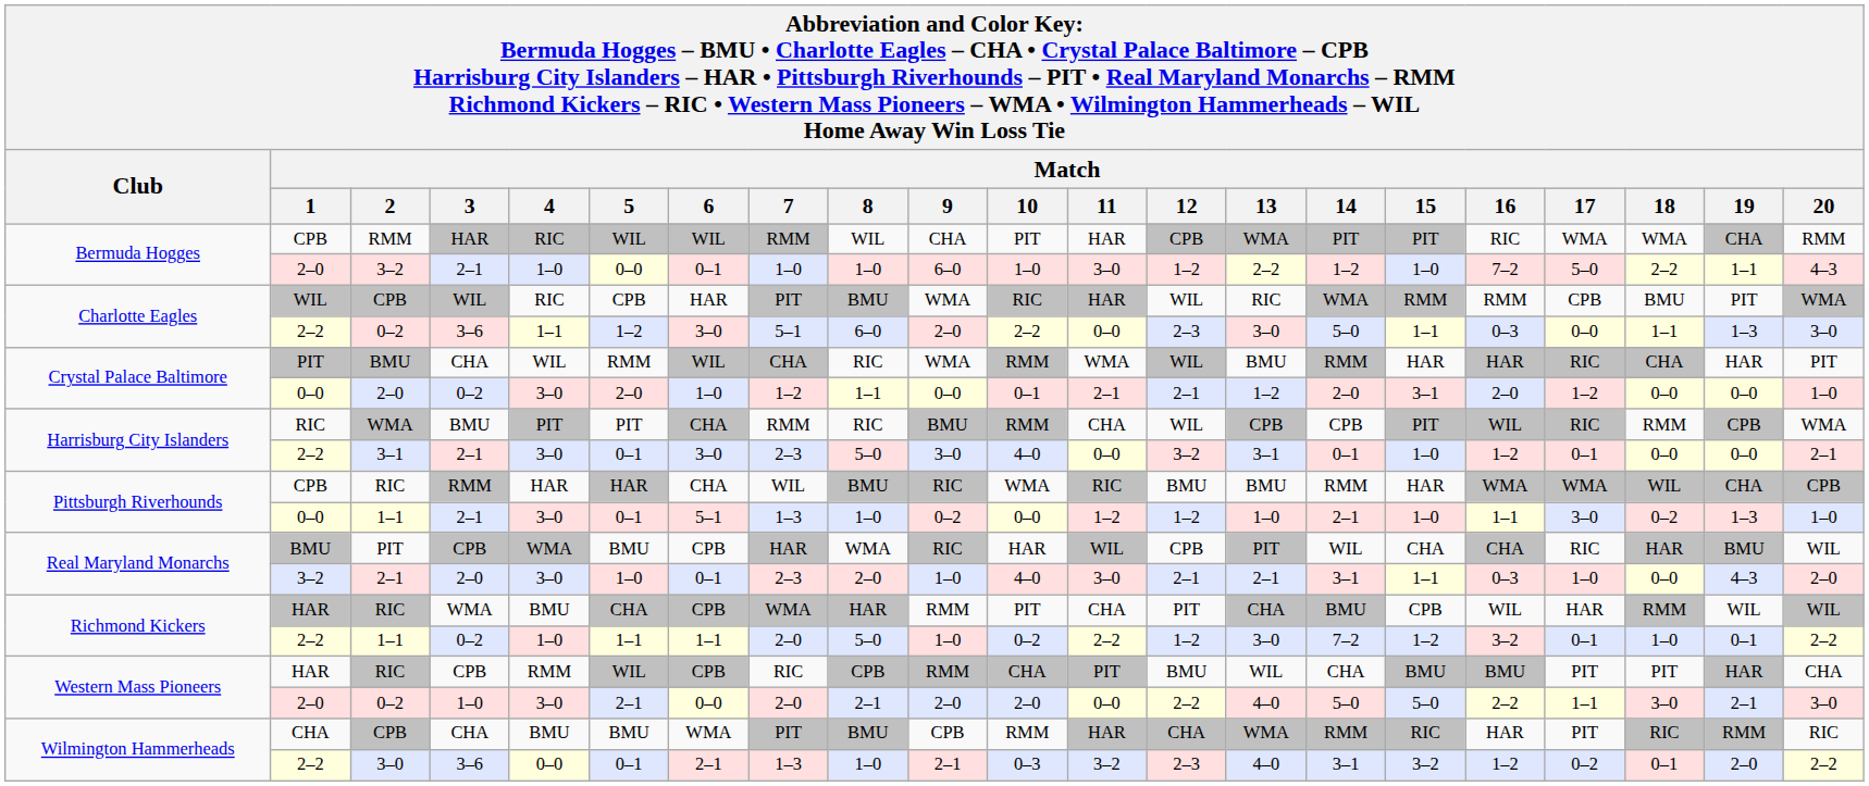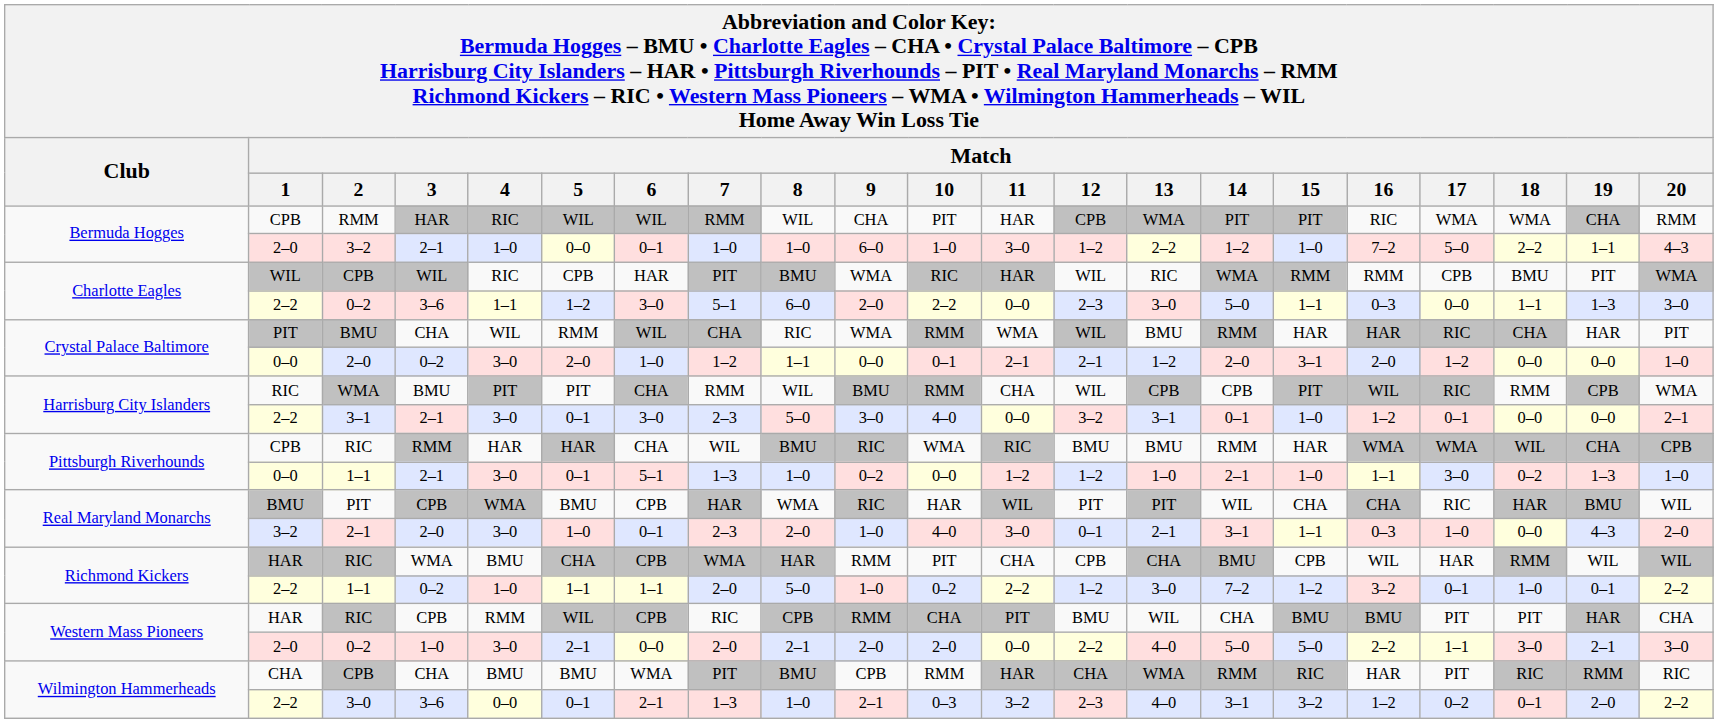 <table class="wikitable" style="text-align:center;width=80%">
 <tr>
 <th colspan="29">Abbreviation and Color Key:<br><a href='#'>Bermuda Hogges</a> – BMU • <a href='#'>Charlotte Eagles</a> – CHA • <a href='#'>Crystal Palace Baltimore</a> – CPB <br> <a href='#'>Harrisburg City Islanders</a> – HAR • <a href='#'>Pittsburgh Riverhounds</a> – PIT • <a href='#'>Real Maryland Monarchs</a> – RMM <br> <a href='#'>Richmond Kickers</a> – RIC • <a href='#'>Western Mass Pioneers</a> – WMA • <a href='#'>Wilmington Hammerheads</a> – WIL <br><span>Home</span>  <span>Away</span>  <span>Win</span>  <span>Loss</span>  <span>Tie</span></th>
 </tr>
 <tr>
 <th width="10%" rowspan="2">Club</th>
 <th width="90%" colspan="20">Match</th>
 </tr>
 <tr style="background-color:#CCCCCC; font-size: 90%">
 <th width="3%">1</th>
 <th width="3%">2</th>
 <th width="3%">3</th>
 <th width="3%">4</th>
 <th width="3%">5</th>
 <th width="3%">6</th>
 <th width="3%">7</th>
 <th width="3%">8</th>
 <th width="3%">9</th>
 <th width="3%">10</th>
 <th width="3%">11</th>
 <th width="3%">12</th>
 <th width="3%">13</th>
 <th width="3%">14</th>
 <th width="3%">15</th>
 <th width="3%">16</th>
 <th width="3%">17</th>
 <th width="3%">18</th>
 <th width="3%">19</th>
 <th width="3%">20<br></th>
 </tr>
 <tr style="font-size: 75%">
 <td rowspan="2"><a href='#'>Bermuda Hogges</a></td>
 <td>CPB</td>
 <td>RMM</td>
 <td bgcolor=#C0C0C0>HAR</td>
 <td bgcolor=#C0C0C0>RIC</td>
 <td bgcolor=#C0C0C0>WIL</td>
 <td bgcolor=#C0C0C0>WIL</td>
 <td bgcolor=#C0C0C0>RMM</td>
 <td>WIL</td>
 <td>CHA</td>
 <td>PIT</td>
 <td>HAR</td>
 <td bgcolor=#C0C0C0>CPB</td>
 <td bgcolor=#C0C0C0>WMA</td>
 <td bgcolor=#C0C0C0>PIT</td>
 <td bgcolor=#C0C0C0>PIT</td>
 <td>RIC</td>
 <td>WMA</td>
 <td>WMA</td>
 <td bgcolor=#C0C0C0>CHA</td>
 <td>RMM</td>
 </tr>
 <tr style="font-size: 75%">
 <td bgcolor=#FFDFDF>2–0</td>
 <td bgcolor=#FFDFDF>3–2</td>
 <td bgcolor=#DFE7FF>2–1</td>
 <td bgcolor=#DFE7FF>1–0</td>
 <td bgcolor=#FFFFDD>0–0</td>
 <td bgcolor=#FFDFDF>0–1</td>
 <td bgcolor=#DFE7FF>1–0</td>
 <td bgcolor=#FFDFDF>1–0</td>
 <td bgcolor=#FFDFDF>6–0</td>
 <td bgcolor=#FFDFDF>1–0</td>
 <td bgcolor=#FFDFDF>3–0</td>
 <td bgcolor=#FFDFDF>1–2</td>
 <td bgcolor=#FFFFDD>2–2</td>
 <td bgcolor=#FFDFDF>1–2</td>
 <td bgcolor=#DFE7FF>1–0</td>
 <td bgcolor=#FFDFDF>7–2</td>
 <td bgcolor=#FFDFDF>5–0</td>
 <td bgcolor=#FFFFDD>2–2</td>
 <td bgcolor=#FFFFDD>1–1</td>
 <td bgcolor=#FFDFDF>4–3</td>
 </tr>
 <tr style="font-size: 75%">
 <td rowspan="2"><a href='#'>Charlotte Eagles</a></td>
 <td bgcolor=#C0C0C0>WIL</td>
 <td bgcolor=#C0C0C0>CPB</td>
 <td bgcolor=#C0C0C0>WIL</td>
 <td>RIC</td>
 <td>CPB</td>
 <td>HAR</td>
 <td bgcolor=#C0C0C0>PIT</td>
 <td bgcolor=#C0C0C0>BMU</td>
 <td>WMA</td>
 <td bgcolor=#C0C0C0>RIC</td>
 <td bgcolor=#C0C0C0>HAR</td>
 <td>WIL</td>
 <td>RIC</td>
 <td bgcolor=#C0C0C0>WMA</td>
 <td bgcolor=#C0C0C0>RMM</td>
 <td>RMM</td>
 <td>CPB</td>
 <td>BMU</td>
 <td>PIT</td>
 <td bgcolor=#C0C0C0>WMA</td>
 </tr>
 <tr style="font-size: 75%">
 <td bgcolor=#FFFFDD>2–2</td>
 <td bgcolor=#FFDFDF>0–2</td>
 <td bgcolor=#FFDFDF>3–6</td>
 <td bgcolor=#FFFFDD>1–1</td>
 <td bgcolor=#DFE7FF>1–2</td>
 <td bgcolor=#FFDFDF>3–0</td>
 <td bgcolor=#DFE7FF>5–1</td>
 <td bgcolor=#DFE7FF>6–0</td>
 <td bgcolor=#FFDFDF>2–0</td>
 <td bgcolor=#FFFFDD>2–2</td>
 <td bgcolor=#FFFFDD>0–0</td>
 <td bgcolor=#DFE7FF>2–3</td>
 <td bgcolor=#FFDFDF>3–0</td>
 <td bgcolor=#DFE7FF>5–0</td>
 <td bgcolor=#FFFFDD>1–1</td>
 <td bgcolor=#DFE7FF>0–3</td>
 <td bgcolor=#FFFFDD>0–0</td>
 <td bgcolor=#FFFFDD>1–1</td>
 <td bgcolor=#DFE7FF>1–3</td>
 <td bgcolor=#DFE7FF>3–0</td>
 </tr>
 <tr style="font-size: 75%">
 <td rowspan="2"><a href='#'>Crystal Palace Baltimore</a></td>
 <td bgcolor=#C0C0C0>PIT</td>
 <td bgcolor=#C0C0C0>BMU</td>
 <td>CHA</td>
 <td>WIL</td>
 <td>RMM</td>
 <td bgcolor=#C0C0C0>WIL</td>
 <td bgcolor=#C0C0C0>CHA</td>
 <td>RIC</td>
 <td>WMA</td>
 <td bgcolor=#C0C0C0>RMM</td>
 <td>WMA</td>
 <td bgcolor=#C0C0C0>WIL</td>
 <td>BMU</td>
 <td bgcolor=#C0C0C0>RMM</td>
 <td>HAR</td>
 <td bgcolor=#C0C0C0>HAR</td>
 <td bgcolor=#C0C0C0>RIC</td>
 <td bgcolor=#C0C0C0>CHA</td>
 <td>HAR</td>
 <td>PIT</td>
 </tr>
 <tr style="font-size: 75%">
 <td bgcolor=#FFFFDD>0–0</td>
 <td bgcolor=#DFE7FF>2–0</td>
 <td bgcolor=#DFE7FF>0–2</td>
 <td bgcolor=#FFDFDF>3–0</td>
 <td bgcolor=#FFDFDF>2–0</td>
 <td bgcolor=#DFE7FF>1–0</td>
 <td bgcolor=#FFDFDF>1–2</td>
 <td bgcolor=#FFFFDD>1–1</td>
 <td bgcolor=#FFFFDD>0–0</td>
 <td bgcolor=#FFDFDF>0–1</td>
 <td bgcolor=#FFDFDF>2–1</td>
 <td bgcolor=#DFE7FF>2–1</td>
 <td bgcolor=#DFE7FF>1–2</td>
 <td bgcolor=#FFDFDF>2–0</td>
 <td bgcolor=#FFDFDF>3–1</td>
 <td bgcolor=#DFE7FF>2–0</td>
 <td bgcolor=#FFDFDF>1–2</td>
 <td bgcolor=#FFFFDD>0–0</td>
 <td bgcolor=#FFFFDD>0–0</td>
 <td bgcolor=#FFDFDF>1–0</td>
 </tr>
 <tr style="font-size: 75%">
 <td rowspan="2"><a href='#'>Harrisburg City Islanders</a></td>
 <td>RIC</td>
 <td bgcolor=#C0C0C0>WMA</td>
 <td>BMU</td>
 <td bgcolor=#C0C0C0>PIT</td>
 <td>PIT</td>
 <td bgcolor=#C0C0C0>CHA</td>
 <td>RMM</td>
-<td>RIC</td>
+<td>WIL</td>
 <td bgcolor=#C0C0C0>BMU</td>
 <td bgcolor=#C0C0C0>RMM</td>
 <td>CHA</td>
 <td>WIL</td>
 <td bgcolor=#C0C0C0>CPB</td>
 <td>CPB</td>
 <td bgcolor=#C0C0C0>PIT</td>
 <td bgcolor=#C0C0C0>WIL</td>
 <td bgcolor=#C0C0C0>RIC</td>
 <td>RMM</td>
 <td bgcolor=#C0C0C0>CPB</td>
 <td>WMA</td>
 </tr>
 <tr style="font-size: 75%">
 <td bgcolor=#FFFFDD>2–2</td>
 <td bgcolor=#DFE7FF>3–1</td>
 <td bgcolor=#FFDFDF>2–1</td>
 <td bgcolor=#DFE7FF>3–0</td>
 <td bgcolor=#DFE7FF>0–1</td>
 <td bgcolor=#DFE7FF>3–0</td>
 <td bgcolor=#DFE7FF>2–3</td>
 <td bgcolor=#FFDFDF>5–0</td>
 <td bgcolor=#DFE7FF>3–0</td>
 <td bgcolor=#DFE7FF>4–0</td>
 <td bgcolor=#FFFFDD>0–0</td>
 <td bgcolor=#FFDFDF>3–2</td>
 <td bgcolor=#DFE7FF>3–1</td>
 <td bgcolor=#FFDFDF>0–1</td>
 <td bgcolor=#DFE7FF>1–0</td>
 <td bgcolor=#FFDFDF>1–2</td>
 <td bgcolor=#FFDFDF>0–1</td>
 <td bgcolor=#FFFFDD>0–0</td>
 <td bgcolor=#FFFFDD>0–0</td>
 <td bgcolor=#FFDFDF>2–1</td>
 </tr>
 <tr style="font-size: 75%">
 <td rowspan="2"><a href='#'>Pittsburgh Riverhounds</a></td>
 <td>CPB</td>
 <td>RIC</td>
 <td bgcolor=#C0C0C0>RMM</td>
 <td>HAR</td>
 <td bgcolor=#C0C0C0>HAR</td>
 <td>CHA</td>
 <td>WIL</td>
 <td bgcolor=#C0C0C0>BMU</td>
 <td bgcolor=#C0C0C0>RIC</td>
 <td>WMA</td>
 <td bgcolor=#C0C0C0>RIC</td>
 <td>BMU</td>
 <td>BMU</td>
 <td>RMM</td>
 <td>HAR</td>
 <td bgcolor=#C0C0C0>WMA</td>
 <td bgcolor=#C0C0C0>WMA</td>
 <td bgcolor=#C0C0C0>WIL</td>
 <td bgcolor=#C0C0C0>CHA</td>
 <td bgcolor=#C0C0C0>CPB</td>
 </tr>
 <tr style="font-size: 75%">
 <td bgcolor=#FFFFDD>0–0</td>
 <td bgcolor=#FFFFDD>1–1</td>
 <td bgcolor=#DFE7FF>2–1</td>
 <td bgcolor=#FFDFDF>3–0</td>
 <td bgcolor=#FFDFDF>0–1</td>
 <td bgcolor=#FFDFDF>5–1</td>
 <td bgcolor=#DFE7FF>1–3</td>
 <td bgcolor=#DFE7FF>1–0</td>
 <td bgcolor=#FFDFDF>0–2</td>
 <td bgcolor=#FFFFDD>0–0</td>
 <td bgcolor=#FFDFDF>1–2</td>
 <td bgcolor=#DFE7FF>1–2</td>
 <td bgcolor=#FFDFDF>1–0</td>
 <td bgcolor=#FFDFDF>2–1</td>
 <td bgcolor=#FFDFDF>1–0</td>
 <td bgcolor=#FFFFDD>1–1</td>
 <td bgcolor=#DFE7FF>3–0</td>
 <td bgcolor=#FFDFDF>0–2</td>
 <td bgcolor=#FFDFDF>1–3</td>
 <td bgcolor=DFE7FF>1–0</td>
 </tr>
 <tr style="font-size: 75%">
 <td rowspan="2"><a href='#'>Real Maryland Monarchs</a></td>
 <td bgcolor=#C0C0C0>BMU</td>
 <td>PIT</td>
 <td bgcolor=#C0C0C0>CPB</td>
 <td bgcolor=#C0C0C0>WMA</td>
 <td>BMU</td>
 <td>CPB</td>
 <td bgcolor=#C0C0C0>HAR</td>
 <td>WMA</td>
 <td bgcolor=#C0C0C0>RIC</td>
 <td>HAR</td>
 <td bgcolor=#C0C0C0>WIL</td>
-<td>CPB</td>
+<td>PIT</td>
 <td bgcolor=#C0C0C0>PIT</td>
 <td>WIL</td>
 <td>CHA</td>
 <td bgcolor=#C0C0C0>CHA</td>
 <td>RIC</td>
 <td bgcolor=#C0C0C0>HAR</td>
 <td bgcolor=#C0C0C0>BMU</td>
 <td>WIL</td>
 </tr>
 <tr style="font-size: 75%">
 <td bgcolor=#DFE7FF>3–2</td>
 <td bgcolor=#FFDFDF>2–1</td>
 <td bgcolor=#DFE7FF>2–0</td>
 <td bgcolor=#DFE7FF>3–0</td>
 <td bgcolor=#FFDFDF>1–0</td>
 <td bgcolor=#DFE7FF>0–1</td>
 <td bgcolor=#FFDFDF>2–3</td>
 <td bgcolor=#FFDFDF>2–0</td>
 <td bgcolor=#DFE7FF>1–0</td>
 <td bgcolor=#FFDFDF>4–0</td>
 <td bgcolor=#FFDFDF>3–0</td>
-<td bgcolor=#DFE7FF>2–1</td>
+<td bgcolor=#DFE7FF>0–1</td>
 <td bgcolor=#DFE7FF>2–1</td>
 <td bgcolor=#FFDFDF>3–1</td>
 <td bgcolor=#FFFFDD>1–1</td>
 <td bgcolor=#FFDFDF>0–3</td>
 <td bgcolor=#FFDFDF>1–0</td>
 <td bgcolor=#FFFFDD>0–0</td>
 <td bgcolor=#DFE7FF>4–3</td>
 <td bgcolor=#FFDFDF>2–0</td>
 </tr>
 <tr style="font-size: 75%">
 <td rowspan="2"><a href='#'>Richmond Kickers</a></td>
 <td bgcolor=#C0C0C0>HAR</td>
 <td bgcolor=#C0C0C0>RIC</td>
 <td>WMA</td>
 <td>BMU</td>
 <td bgcolor=#C0C0C0>CHA</td>
 <td bgcolor=#C0C0C0>CPB</td>
 <td bgcolor=#C0C0C0>WMA</td>
 <td bgcolor=#C0C0C0>HAR</td>
 <td>RMM</td>
 <td>PIT</td>
 <td>CHA</td>
-<td>PIT</td>
+<td>CPB</td>
 <td bgcolor=#C0C0C0>CHA</td>
 <td bgcolor=#C0C0C0>BMU</td>
 <td>CPB</td>
 <td>WIL</td>
 <td>HAR</td>
 <td bgcolor=#C0C0C0>RMM</td>
 <td>WIL</td>
 <td bgcolor=#C0C0C0>WIL</td>
 </tr>
 <tr style="font-size: 75%">
 <td bgcolor=#FFFFDD>2–2</td>
 <td bgcolor=#FFFFDD>1–1</td>
 <td bgcolor=#DFE7FF>0–2</td>
 <td bgcolor=#FFDFDF>1–0</td>
 <td bgcolor=#FFFFDD>1–1</td>
 <td bgcolor=#FFFFDD>1–1</td>
 <td bgcolor=#DFE7FF>2–0</td>
 <td bgcolor=#DFE7FF>5–0</td>
 <td bgcolor=#FFDFDF>1–0</td>
 <td bgcolor=#DFE7FF>0–2</td>
 <td bgcolor=#FFFFDD>2–2</td>
 <td bgcolor=#DFE7FF>1–2</td>
 <td bgcolor=#DFE7FF>3–0</td>
 <td bgcolor=#DFE7FF>7–2</td>
 <td bgcolor=#DFE7FF>1–2</td>
 <td bgcolor=#FFDFDF>3–2</td>
 <td bgcolor=#DFE7FF>0–1</td>
 <td bgcolor=#DFE7FF>1–0</td>
 <td bgcolor=#DFE7FF>0–1</td>
 <td bgcolor=#FFFFDD>2–2</td>
 </tr>
 <tr style="font-size: 75%">
 <td rowspan="2"><a href='#'>Western Mass Pioneers</a></td>
 <td>HAR</td>
 <td bgcolor=#C0C0C0>RIC</td>
 <td>CPB</td>
 <td>RMM</td>
 <td bgcolor=#C0C0C0>WIL</td>
 <td bgcolor=#C0C0C0>CPB</td>
 <td>RIC</td>
 <td bgcolor=#C0C0C0>CPB</td>
 <td bgcolor=#C0C0C0>RMM</td>
 <td bgcolor=#C0C0C0>CHA</td>
 <td bgcolor=#C0C0C0>PIT</td>
 <td>BMU</td>
 <td>WIL</td>
 <td>CHA</td>
 <td bgcolor=#C0C0C0>BMU</td>
 <td bgcolor=#C0C0C0>BMU</td>
 <td>PIT</td>
 <td>PIT</td>
 <td bgcolor=#C0C0C0>HAR</td>
 <td>CHA</td>
 </tr>
 <tr style="font-size: 75%">
 <td bgcolor=#FFDFDF>2–0</td>
 <td bgcolor=#FFDFDF>0–2</td>
 <td bgcolor=#FFDFDF>1–0</td>
 <td bgcolor=#FFDFDF>3–0</td>
 <td bgcolor=#DFE7FF>2–1</td>
 <td bgcolor=#FFFFDD>0–0</td>
 <td bgcolor=#FFDFDF>2–0</td>
 <td bgcolor=#DFE7FF>2–1</td>
 <td bgcolor=#DFE7FF>2–0</td>
 <td bgcolor=#DFE7FF>2–0</td>
 <td bgcolor=#FFFFDD>0–0</td>
 <td bgcolor=#FFFFDD>2–2</td>
 <td bgcolor=#FFDFDF>4–0</td>
 <td bgcolor=#FFDFDF>5–0</td>
 <td bgcolor=#DFE7FF>5–0</td>
 <td bgcolor=#FFFFDD>2–2</td>
 <td bgcolor=#FFFFDD>1–1</td>
 <td bgcolor=#FFDFDF>3–0</td>
 <td bgcolor=#DFE7FF>2–1</td>
 <td bgcolor=#FFDFDF>3–0</td>
 </tr>
 <tr style="font-size: 75%">
 <td rowspan="2"><a href='#'>Wilmington Hammerheads</a></td>
 <td>CHA</td>
 <td bgcolor=#C0C0C0>CPB</td>
 <td>CHA</td>
 <td>BMU</td>
 <td>BMU</td>
 <td>WMA</td>
 <td bgcolor=#C0C0C0>PIT</td>
 <td bgcolor=#C0C0C0>BMU</td>
 <td>CPB</td>
 <td>RMM</td>
 <td bgcolor=#C0C0C0>HAR</td>
 <td bgcolor=#C0C0C0>CHA</td>
 <td bgcolor=#C0C0C0>WMA</td>
 <td bgcolor=#C0C0C0>RMM</td>
 <td bgcolor=#C0C0C0>RIC</td>
 <td>HAR</td>
 <td>PIT</td>
 <td bgcolor=#C0C0C0>RIC</td>
 <td bgcolor=#C0C0C0>RMM</td>
 <td>RIC</td>
 </tr>
 <tr style="font-size: 75%">
 <td bgcolor=#FFFFDD>2–2</td>
 <td bgcolor=#DFE7FF>3–0</td>
 <td bgcolor=#DFE7FF>3–6</td>
 <td bgcolor=#FFFFDD>0–0</td>
 <td bgcolor=#DFE7FF>0–1</td>
 <td bgcolor=#FFDFDF>2–1</td>
 <td bgcolor=#FFDFDF>1–3</td>
 <td bgcolor=#DFE7FF>1–0</td>
 <td bgcolor=#FFDFDF>2–1</td>
 <td bgcolor=#DFE7FF>0–3</td>
 <td bgcolor=#DFE7FF>3–2</td>
 <td bgcolor=#FFDFDF>2–3</td>
 <td bgcolor=#DFE7FF>4–0</td>
 <td bgcolor=#DFE7FF>3–1</td>
 <td bgcolor=#DFE7FF>3–2</td>
 <td bgcolor=#DFE7FF>1–2</td>
 <td bgcolor=#DFE7FF>0–2</td>
 <td bgcolor=#FFDFDF>0–1</td>
 <td bgcolor=#DFE7FF>2–0</td>
 <td bgcolor=#FFFFDD>2–2</td>
 </tr>
 <tr style="font-size: 75%">
 </tr>
 </table>
